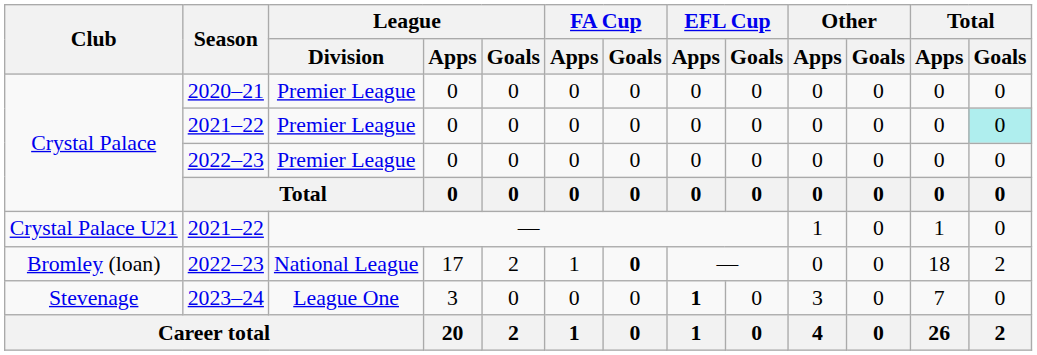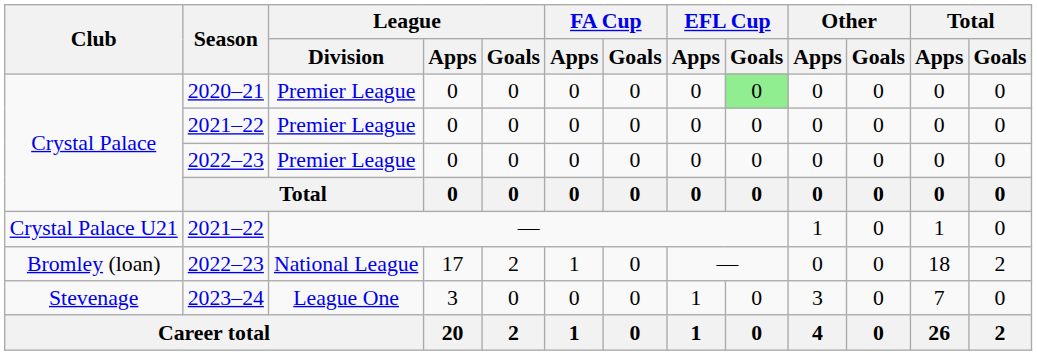 <table class="wikitable" style="text-align:center">
 <tr>
 <th rowspan="2">Club</th>
 <th rowspan="2">Season</th>
 <th colspan="3">League</th>
 <th colspan="2"><a href='#'>FA Cup</a></th>
 <th colspan="2"><a href='#'>EFL Cup</a></th>
 <th colspan="2">Other</th>
 <th colspan="2">Total</th>
 </tr>
 <tr>
 <th>Division</th>
 <th>Apps</th>
 <th>Goals</th>
 <th>Apps</th>
 <th>Goals</th>
 <th>Apps</th>
 <th>Goals</th>
 <th>Apps</th>
 <th>Goals</th>
 <th>Apps</th>
 <th>Goals</th>
 </tr>
 <tr>
 <td rowspan="4"><a href='#'>Crystal Palace</a></td>
 <td><a href='#'>2020–21</a></td>
 <td><a href='#'>Premier League</a></td>
 <td>0</td>
 <td>0</td>
 <td>0</td>
 <td>0</td>
 <td>0</td>
-<td>0</td>
+<td style="background: lightgreen;">0</td>
 <td>0</td>
 <td>0</td>
 <td>0</td>
 <td>0</td>
 </tr>
 <tr>
 <td><a href='#'>2021–22</a></td>
 <td><a href='#'>Premier League</a></td>
 <td>0</td>
 <td>0</td>
 <td>0</td>
 <td>0</td>
 <td>0</td>
 <td>0</td>
 <td>0</td>
 <td>0</td>
 <td>0</td>
-<td style="background: paleturquoise;">0</td>
+<td>0</td>
 </tr>
 <tr>
 <td><a href='#'>2022–23</a></td>
 <td><a href='#'>Premier League</a></td>
 <td>0</td>
 <td>0</td>
 <td>0</td>
 <td>0</td>
 <td>0</td>
 <td>0</td>
 <td>0</td>
 <td>0</td>
 <td>0</td>
 <td>0</td>
 </tr>
 <tr>
 <th colspan=2>Total</th>
 <th>0</th>
 <th>0</th>
 <th>0</th>
 <th>0</th>
 <th>0</th>
 <th>0</th>
 <th>0</th>
 <th>0</th>
 <th>0</th>
 <th>0</th>
 </tr>
 <tr>
 <td><a href='#'>Crystal Palace U21</a></td>
 <td><a href='#'>2021–22</a></td>
 <td colspan="7">—</td>
 <td>1</td>
 <td>0</td>
 <td>1</td>
 <td>0</td>
 </tr>
 <tr>
 <td><a href='#'>Bromley</a> (loan)</td>
 <td><a href='#'>2022–23</a></td>
 <td><a href='#'>National League</a></td>
 <td>17</td>
 <td>2</td>
 <td>1</td>
-<td><strong>0</strong></td>
+<td>0</td>
 <td colspan="2">—</td>
 <td>0</td>
 <td>0</td>
 <td>18</td>
 <td>2</td>
 </tr>
 <tr>
 <td rowspan="1"><a href='#'>Stevenage</a></td>
 <td><a href='#'>2023–24</a></td>
 <td><a href='#'>League One</a></td>
 <td>3</td>
 <td>0</td>
 <td>0</td>
 <td>0</td>
-<td><strong>1</strong></td>
+<td>1</td>
 <td>0</td>
 <td>3</td>
 <td>0</td>
 <td>7</td>
 <td>0</td>
 </tr>
 <tr>
 <th colspan="3">Career total</th>
 <th>20</th>
 <th>2</th>
 <th>1</th>
 <th>0</th>
 <th>1</th>
 <th>0</th>
 <th>4</th>
 <th>0</th>
 <th>26</th>
 <th>2</th>
 </tr>
 </table>
